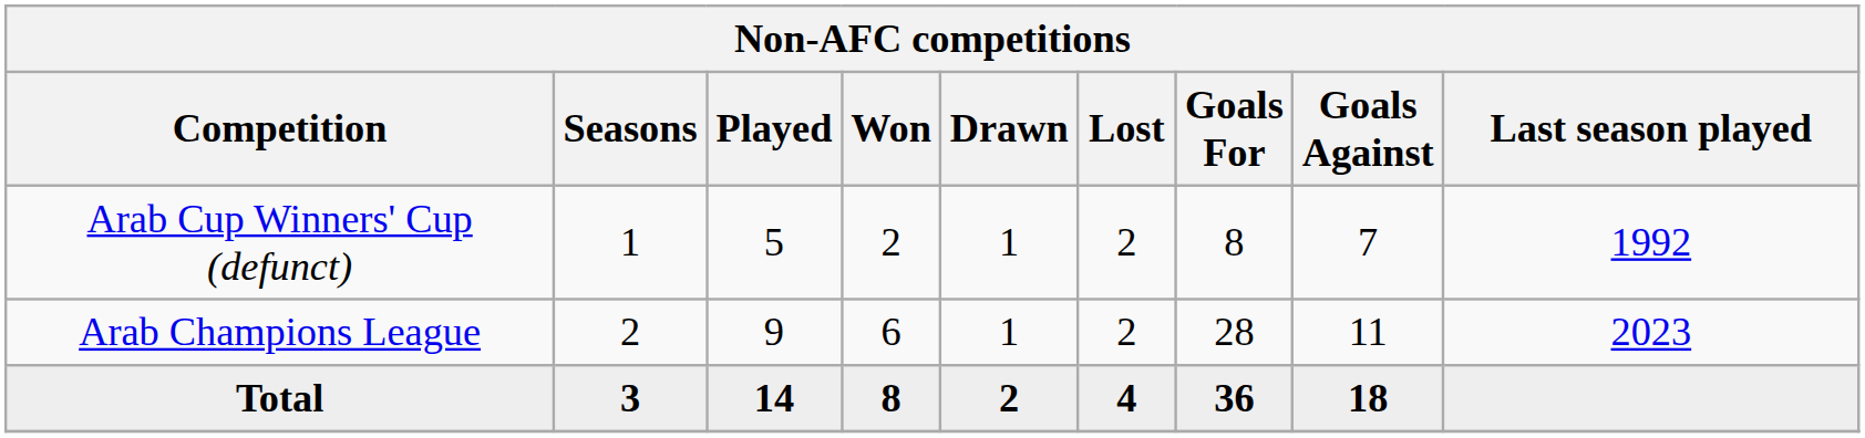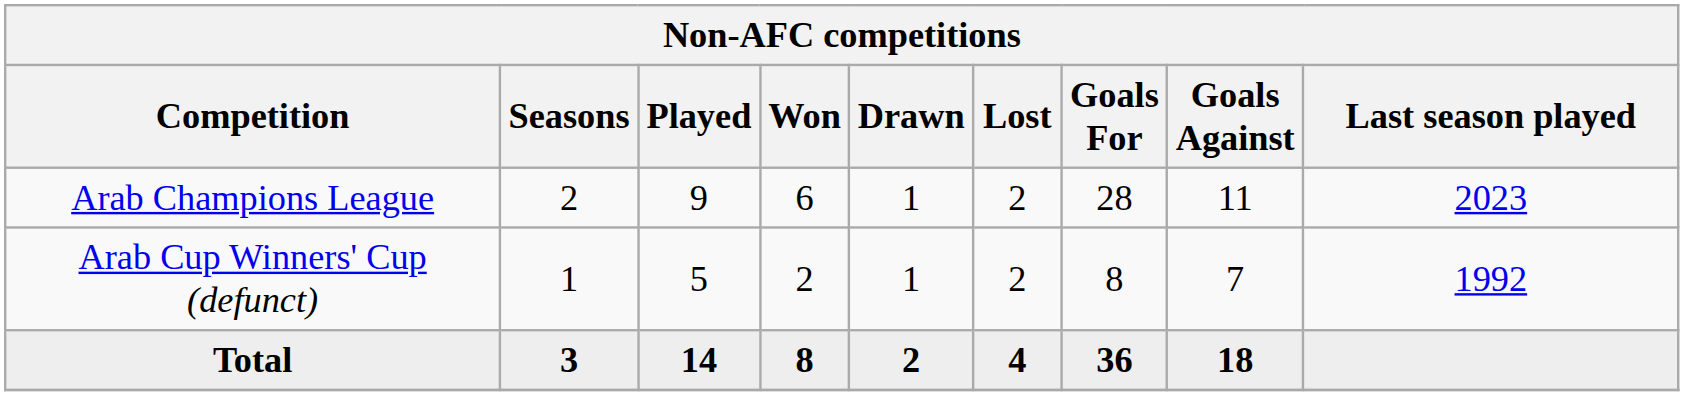 <table class="wikitable" style="font-size:95%; text-align: center;">
 <tr>
 <th colspan="9">Non-AFC competitions</th>
 </tr>
 <tr>
 <th width="200">Competition</th>
 <th width="30">Seasons</th>
 <th width="30">Played</th>
 <th width="30">Won</th>
 <th width="30">Drawn</th>
 <th width="30">Lost</th>
 <th width="30">Goals For</th>
 <th width="30">Goals Against</th>
 <th width="150">Last season played</th>
 </tr>
 <tr>
+<td><a href='#'>Arab Champions League</a></td>
+<td>2</td>
+<td>9</td>
+<td>6</td>
+<td>1</td>
+<td>2</td>
+<td>28</td>
+<td>11</td>
+<td><a href='#'>2023</a></td>
+</tr>
+<tr>
 <td><a href='#'>Arab Cup Winners' Cup</a> <em>(defunct)</em></td>
 <td>1</td>
 <td>5</td>
 <td>2</td>
 <td>1</td>
 <td>2</td>
 <td>8</td>
 <td>7</td>
 <td><a href='#'>1992</a></td>
-</tr>
-<tr>
-<td><a href='#'>Arab Champions League</a></td>
-<td>2</td>
-<td>9</td>
-<td>6</td>
-<td>1</td>
-<td>2</td>
-<td>28</td>
-<td>11</td>
-<td><a href='#'>2023</a></td>
 </tr>
 <tr bgcolor=#EEEEEE>
 <td><strong>Total</strong></td>
 <td><strong>3</strong></td>
 <td><strong>14</strong></td>
 <td><strong>8</strong></td>
 <td><strong>2</strong></td>
 <td><strong>4</strong></td>
 <td><strong>36</strong></td>
 <td><strong>18</strong></td>
 <td></td>
 </tr>
 <tr>
 </tr>
 </table>
